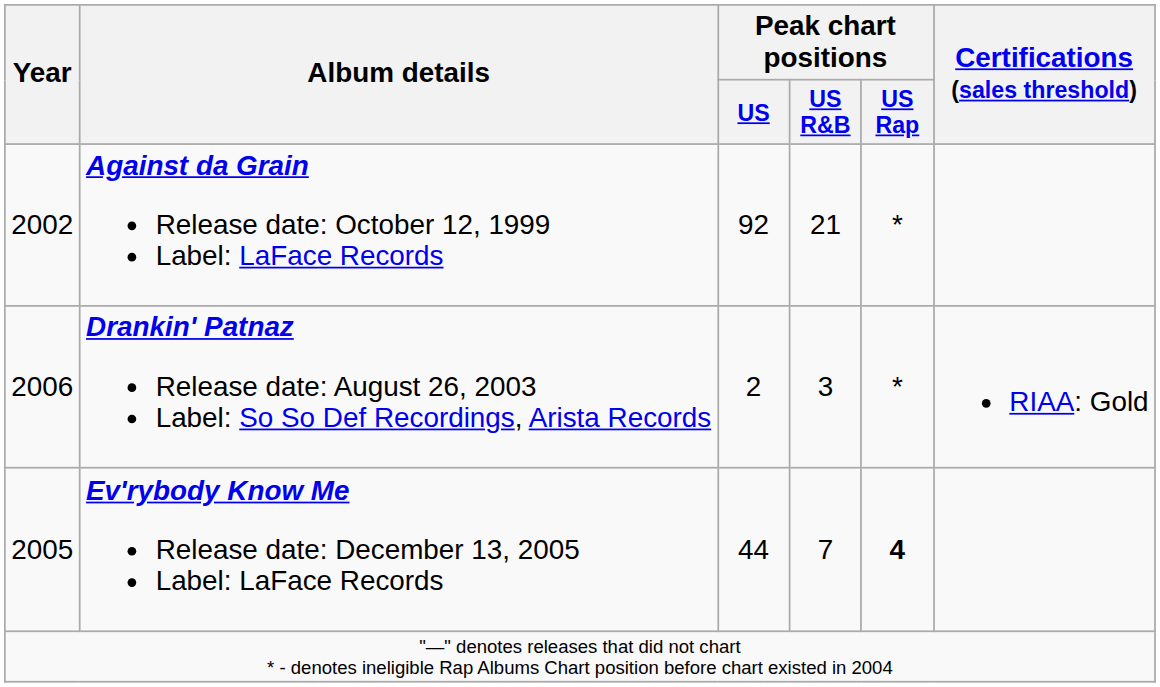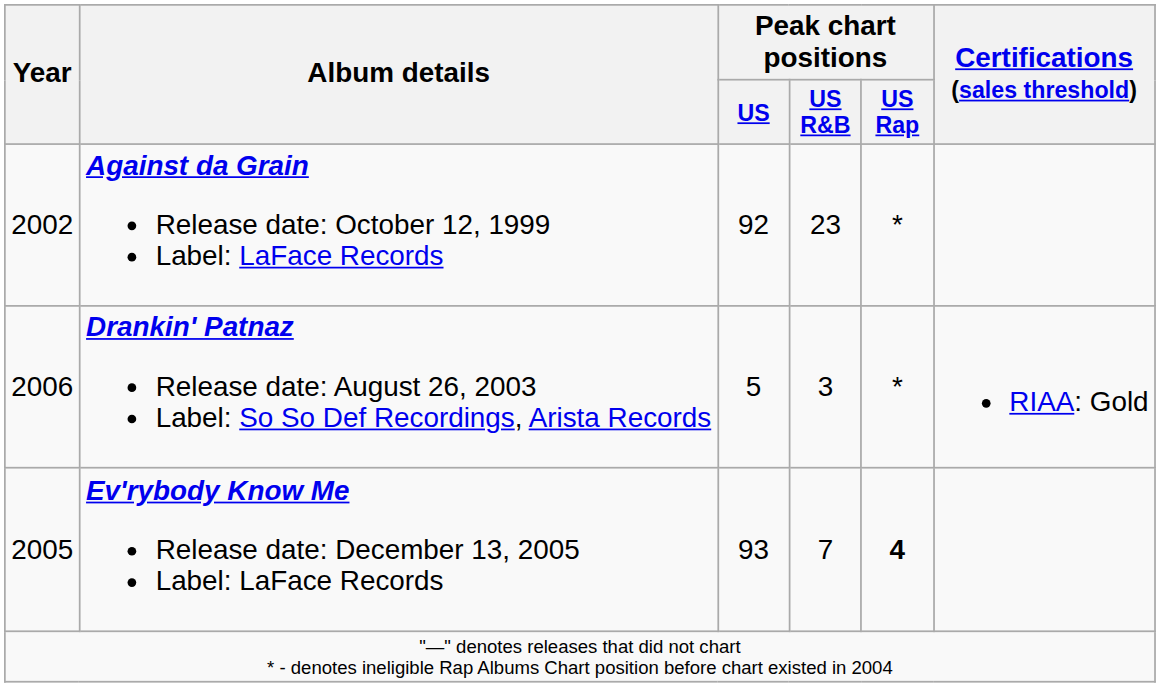 <table class="wikitable" style="text-align:center;">
 <tr>
 <th rowspan="2">Year</th>
 <th rowspan="2">Album details</th>
 <th colspan="3">Peak chart positions</th>
 <th rowspan="2"><a href='#'>Certifications</a><br><small>(<a href='#'>sales threshold</a>)</small></th>
 </tr>
 <tr style="font-size:smaller;">
 <th style="width:35px;"><a href='#'>US</a><br></th>
 <th style="width:35px;"><a href='#'>US<br>R&B</a><br></th>
 <th style="width:35px;"><a href='#'>US Rap</a><br></th>
 </tr>
 <tr>
 <td>2002</td>
 <td style="text-align:left;"><strong><em><a href='#'>Against da Grain</a></em></strong><br><ul><li>Release date: October 12, 1999</li><li>Label: <a href='#'>LaFace Records</a></li></ul></td>
 <td>92</td>
-<td>21</td>
+<td>23</td>
 <td>*</td>
 <td></td>
 </tr>
 <tr>
 <td>2006</td>
 <td style="text-align:left;"><strong><em><a href='#'>Drankin' Patnaz</a></em></strong><br><ul><li>Release date: August 26, 2003</li><li>Label: <a href='#'>So So Def Recordings</a>, <a href='#'>Arista Records</a></li></ul></td>
-<td>2</td>
+<td>5</td>
 <td>3</td>
 <td>*</td>
 <td style="text-align:left;"><br><ul><li><a href='#'>RIAA</a>: Gold</li></ul></td>
 </tr>
 <tr>
 <td>2005</td>
 <td style="text-align:left;"><strong><em><a href='#'>Ev'rybody Know Me</a></em></strong><br><ul><li>Release date: December 13, 2005</li><li>Label: LaFace Records</li></ul></td>
-<td>44</td>
+<td>93</td>
 <td>7</td>
 <td><strong>4</strong></td>
 <td></td>
 </tr>
 <tr>
 <td colspan="10" style="font-size:8pt">"—" denotes releases that did not chart<br> * - denotes ineligible Rap Albums Chart position before chart existed in 2004</td>
 </tr>
 </table>
